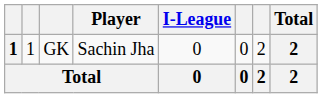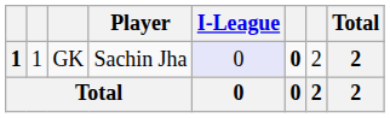 <table class="wikitable sortable" style="text-align:center; font-size:90%;">
 <tr>
 <th></th>
 <th></th>
 <th></th>
 <th>Player</th>
 <th><a href='#'>I-League</a></th>
 <th></th>
 <th></th>
 <th>Total</th>
 </tr>
 <tr>
 <th rowspan="1">1</th>
 <td>1</td>
 <td>GK</td>
 <td style="text-align:left;"> Sachin Jha</td>
-<td>0</td>
-<td>0</td>
+<td style="background: lavender;">0</td>
+<td><strong>0</strong></td>
 <td>2</td>
 <th>2</th>
 </tr>
 <tr>
 <th colspan="4">Total</th>
 <th>0</th>
 <th>0</th>
 <th>2</th>
 <th>2</th>
 </tr>
 </table>
